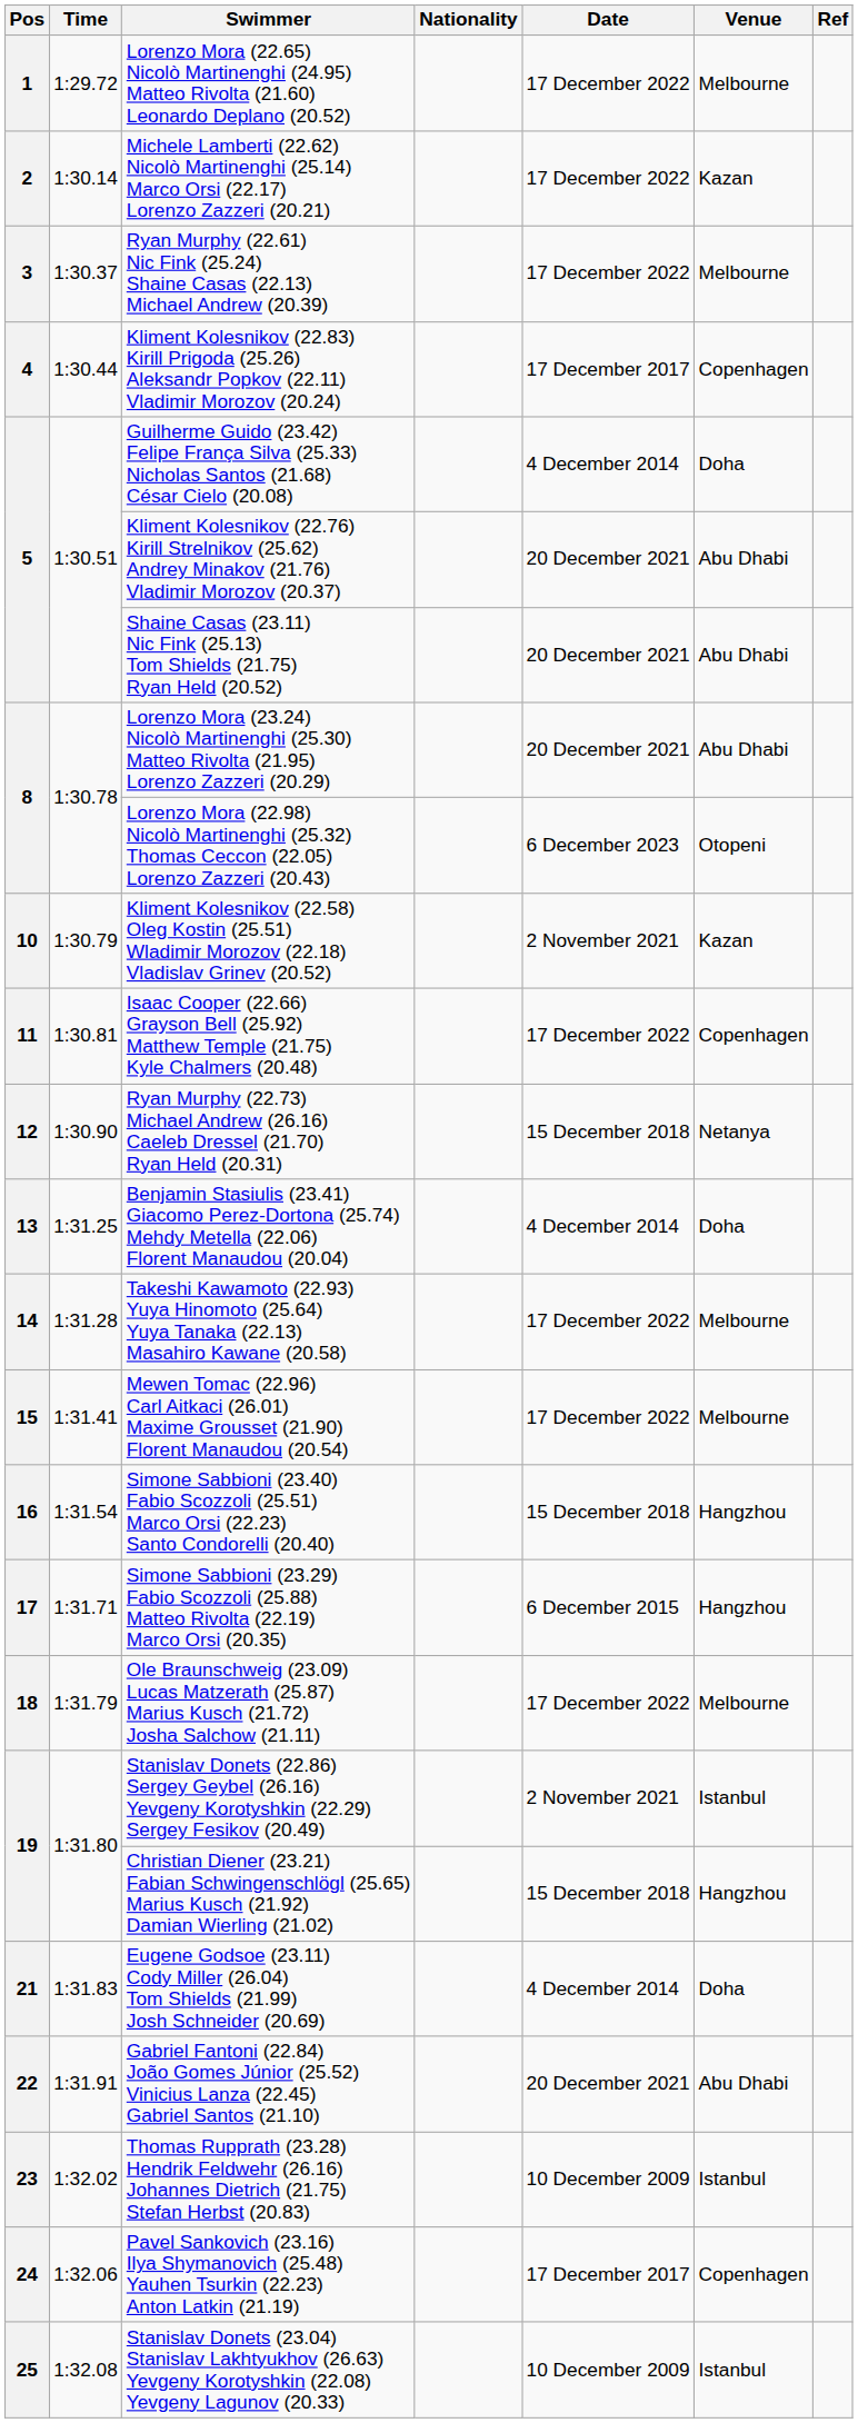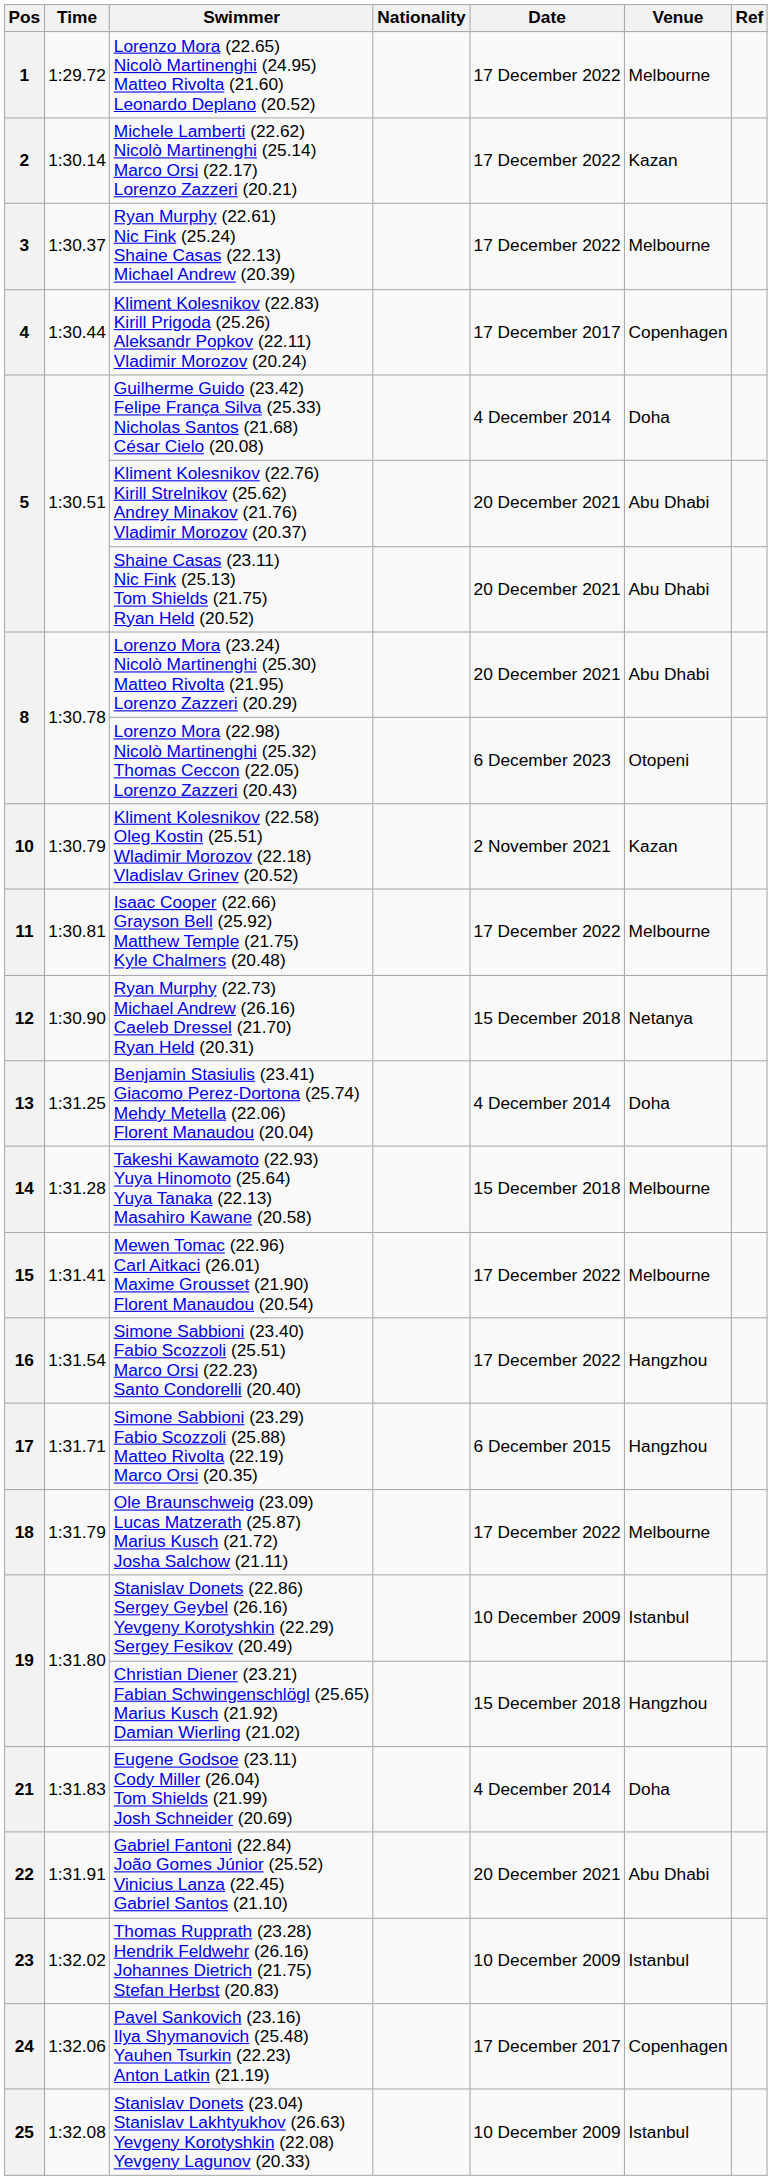 <table class="wikitable">
 <tr>
 <th>Pos</th>
 <th>Time</th>
 <th>Swimmer</th>
 <th>Nationality</th>
 <th>Date</th>
 <th>Venue</th>
 <th>Ref</th>
 </tr>
 <tr>
 <th>1</th>
 <td>1:29.72</td>
 <td><a href='#'>Lorenzo Mora</a> (22.65)<br><a href='#'>Nicolò Martinenghi</a> (24.95)<br><a href='#'>Matteo Rivolta</a> (21.60)<br><a href='#'>Leonardo Deplano</a> (20.52)</td>
 <td></td>
 <td>17 December 2022</td>
 <td>Melbourne</td>
 <td></td>
 </tr>
 <tr>
 <th>2</th>
 <td>1:30.14</td>
 <td><a href='#'>Michele Lamberti</a> (22.62)<br><a href='#'>Nicolò Martinenghi</a> (25.14)<br><a href='#'>Marco Orsi</a> (22.17)<br><a href='#'>Lorenzo Zazzeri</a> (20.21)</td>
 <td></td>
 <td>17 December 2022</td>
 <td>Kazan</td>
 <td></td>
 </tr>
 <tr>
 <th>3</th>
 <td>1:30.37</td>
 <td><a href='#'>Ryan Murphy</a> (22.61)<br><a href='#'>Nic Fink</a> (25.24)<br><a href='#'>Shaine Casas</a> (22.13)<br><a href='#'>Michael Andrew</a> (20.39)</td>
 <td></td>
 <td>17 December 2022</td>
 <td>Melbourne</td>
 <td></td>
 </tr>
 <tr>
 <th>4</th>
 <td>1:30.44</td>
 <td><a href='#'>Kliment Kolesnikov</a> (22.83)<br><a href='#'>Kirill Prigoda</a> (25.26)<br><a href='#'>Aleksandr Popkov</a> (22.11)<br><a href='#'>Vladimir Morozov</a> (20.24)</td>
 <td></td>
 <td>17 December 2017</td>
 <td>Copenhagen</td>
 </tr>
 <tr>
 <th rowspan=3>5</th>
 <td rowspan=3>1:30.51</td>
 <td><a href='#'>Guilherme Guido</a> (23.42)<br><a href='#'>Felipe França Silva</a> (25.33)<br><a href='#'>Nicholas Santos</a> (21.68)<br><a href='#'>César Cielo</a> (20.08)</td>
 <td></td>
 <td>4 December 2014</td>
 <td>Doha</td>
 <td></td>
 </tr>
 <tr>
 <td><a href='#'>Kliment Kolesnikov</a> (22.76)<br><a href='#'>Kirill Strelnikov</a> (25.62)<br><a href='#'>Andrey Minakov</a> (21.76)<br><a href='#'>Vladimir Morozov</a> (20.37)</td>
 <td></td>
 <td>20 December 2021</td>
 <td>Abu Dhabi</td>
 <td></td>
 </tr>
 <tr>
 <td><a href='#'>Shaine Casas</a> (23.11)<br><a href='#'>Nic Fink</a> (25.13)<br><a href='#'>Tom Shields</a> (21.75)<br><a href='#'>Ryan Held</a> (20.52)</td>
 <td></td>
 <td>20 December 2021</td>
 <td>Abu Dhabi</td>
 <td></td>
 </tr>
 <tr>
 <th rowspan=2>8</th>
 <td rowspan=2>1:30.78</td>
 <td><a href='#'>Lorenzo Mora</a> (23.24)<br><a href='#'>Nicolò Martinenghi</a> (25.30)<br><a href='#'>Matteo Rivolta</a> (21.95)<br><a href='#'>Lorenzo Zazzeri</a> (20.29)</td>
 <td></td>
 <td>20 December 2021</td>
 <td>Abu Dhabi</td>
 <td></td>
 </tr>
 <tr>
 <td><a href='#'>Lorenzo Mora</a> (22.98)<br><a href='#'>Nicolò Martinenghi</a> (25.32)<br><a href='#'>Thomas Ceccon</a> (22.05)<br><a href='#'>Lorenzo Zazzeri</a> (20.43)</td>
 <td></td>
 <td>6 December 2023</td>
 <td>Otopeni</td>
 <td></td>
 </tr>
 <tr>
 <th>10</th>
 <td>1:30.79</td>
 <td><a href='#'>Kliment Kolesnikov</a> (22.58)<br><a href='#'>Oleg Kostin</a> (25.51)<br><a href='#'>Wladimir Morozov</a> (22.18)<br><a href='#'>Vladislav Grinev</a> (20.52)</td>
 <td></td>
 <td>2 November 2021</td>
 <td>Kazan</td>
 <td></td>
 </tr>
 <tr>
 <th>11</th>
 <td>1:30.81</td>
 <td><a href='#'>Isaac Cooper</a> (22.66)<br><a href='#'>Grayson Bell</a> (25.92)<br><a href='#'>Matthew Temple</a> (21.75)<br><a href='#'>Kyle Chalmers</a> (20.48)</td>
 <td></td>
 <td>17 December 2022</td>
-<td>Copenhagen</td>
+<td>Melbourne</td>
 <td></td>
 </tr>
 <tr>
 <th>12</th>
 <td>1:30.90</td>
 <td><a href='#'>Ryan Murphy</a> (22.73)<br><a href='#'>Michael Andrew</a> (26.16)<br><a href='#'>Caeleb Dressel</a> (21.70)<br><a href='#'>Ryan Held</a> (20.31)</td>
 <td></td>
 <td>15 December 2018</td>
 <td>Netanya</td>
 </tr>
 <tr>
 <th>13</th>
 <td>1:31.25</td>
 <td><a href='#'>Benjamin Stasiulis</a> (23.41)<br><a href='#'>Giacomo Perez-Dortona</a> (25.74)<br><a href='#'>Mehdy Metella</a> (22.06)<br><a href='#'>Florent Manaudou</a> (20.04)</td>
 <td></td>
 <td>4 December 2014</td>
 <td>Doha</td>
 <td></td>
 </tr>
 <tr>
 <th>14</th>
 <td>1:31.28</td>
 <td><a href='#'>Takeshi Kawamoto</a> (22.93)<br><a href='#'>Yuya Hinomoto</a> (25.64)<br><a href='#'>Yuya Tanaka</a> (22.13)<br><a href='#'>Masahiro Kawane</a> (20.58)</td>
 <td></td>
-<td>17 December 2022</td>
+<td>15 December 2018</td>
 <td>Melbourne</td>
 <td></td>
 </tr>
 <tr>
 <th>15</th>
 <td>1:31.41</td>
 <td><a href='#'>Mewen Tomac</a> (22.96)<br><a href='#'>Carl Aitkaci</a> (26.01)<br><a href='#'>Maxime Grousset</a> (21.90)<br><a href='#'>Florent Manaudou</a> (20.54)</td>
 <td></td>
 <td>17 December 2022</td>
 <td>Melbourne</td>
 <td></td>
 </tr>
 <tr>
 <th>16</th>
 <td>1:31.54</td>
 <td><a href='#'>Simone Sabbioni</a> (23.40)<br><a href='#'>Fabio Scozzoli</a> (25.51)<br><a href='#'>Marco Orsi</a> (22.23)<br><a href='#'>Santo Condorelli</a> (20.40)</td>
 <td></td>
-<td>15 December 2018</td>
+<td>17 December 2022</td>
 <td>Hangzhou</td>
 </tr>
 <tr>
 <th>17</th>
 <td>1:31.71</td>
 <td><a href='#'>Simone Sabbioni</a> (23.29)<br><a href='#'>Fabio Scozzoli</a> (25.88)<br><a href='#'>Matteo Rivolta</a> (22.19)<br><a href='#'>Marco Orsi</a> (20.35)</td>
 <td></td>
 <td>6 December 2015</td>
 <td>Hangzhou</td>
 <td></td>
 </tr>
 <tr>
 <th>18</th>
 <td>1:31.79</td>
 <td><a href='#'>Ole Braunschweig</a> (23.09)<br><a href='#'>Lucas Matzerath</a> (25.87)<br><a href='#'>Marius Kusch</a> (21.72)<br><a href='#'>Josha Salchow</a> (21.11)</td>
 <td></td>
 <td>17 December 2022</td>
 <td>Melbourne</td>
 <td></td>
 </tr>
 <tr>
 <th rowspan=2>19</th>
 <td rowspan=2>1:31.80</td>
 <td><a href='#'>Stanislav Donets</a> (22.86)<br><a href='#'>Sergey Geybel</a> (26.16)<br><a href='#'>Yevgeny Korotyshkin</a> (22.29)<br><a href='#'>Sergey Fesikov</a> (20.49)</td>
 <td></td>
-<td>2 November 2021</td>
+<td>10 December 2009</td>
 <td>Istanbul</td>
 <td></td>
 </tr>
 <tr>
 <td><a href='#'>Christian Diener</a> (23.21)<br><a href='#'>Fabian Schwingenschlögl</a> (25.65)<br><a href='#'>Marius Kusch</a> (21.92)<br><a href='#'>Damian Wierling</a> (21.02)</td>
 <td></td>
 <td>15 December 2018</td>
 <td>Hangzhou</td>
 </tr>
 <tr>
 <th>21</th>
 <td>1:31.83</td>
 <td><a href='#'>Eugene Godsoe</a> (23.11)<br><a href='#'>Cody Miller</a> (26.04)<br><a href='#'>Tom Shields</a> (21.99)<br><a href='#'>Josh Schneider</a> (20.69)</td>
 <td></td>
 <td>4 December 2014</td>
 <td>Doha</td>
 <td></td>
 </tr>
 <tr>
 <th>22</th>
 <td>1:31.91</td>
 <td><a href='#'>Gabriel Fantoni</a> (22.84)<br><a href='#'>João Gomes Júnior</a> (25.52)<br><a href='#'>Vinicius Lanza</a> (22.45)<br><a href='#'>Gabriel Santos</a> (21.10)</td>
 <td></td>
 <td>20 December 2021</td>
 <td>Abu Dhabi</td>
 <td></td>
 </tr>
 <tr>
 <th>23</th>
 <td>1:32.02</td>
 <td><a href='#'>Thomas Rupprath</a> (23.28)<br><a href='#'>Hendrik Feldwehr</a> (26.16)<br><a href='#'>Johannes Dietrich</a> (21.75)<br><a href='#'>Stefan Herbst</a> (20.83)</td>
 <td></td>
 <td>10 December 2009</td>
 <td>Istanbul</td>
 <td></td>
 </tr>
 <tr>
 <th>24</th>
 <td>1:32.06</td>
 <td><a href='#'>Pavel Sankovich</a> (23.16)<br><a href='#'>Ilya Shymanovich</a> (25.48)<br><a href='#'>Yauhen Tsurkin</a> (22.23)<br><a href='#'>Anton Latkin</a> (21.19)</td>
 <td></td>
 <td>17 December 2017</td>
 <td>Copenhagen</td>
 </tr>
 <tr>
 <th>25</th>
 <td>1:32.08</td>
 <td><a href='#'>Stanislav Donets</a> (23.04)<br><a href='#'>Stanislav Lakhtyukhov</a> (26.63)<br><a href='#'>Yevgeny Korotyshkin</a> (22.08)<br><a href='#'>Yevgeny Lagunov</a> (20.33)</td>
 <td></td>
 <td>10 December 2009</td>
 <td>Istanbul</td>
 <td></td>
 </tr>
 </table>
